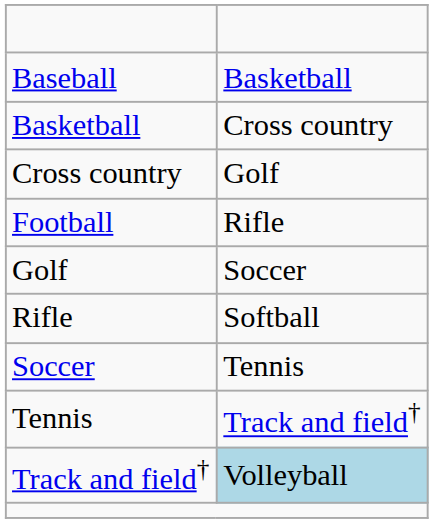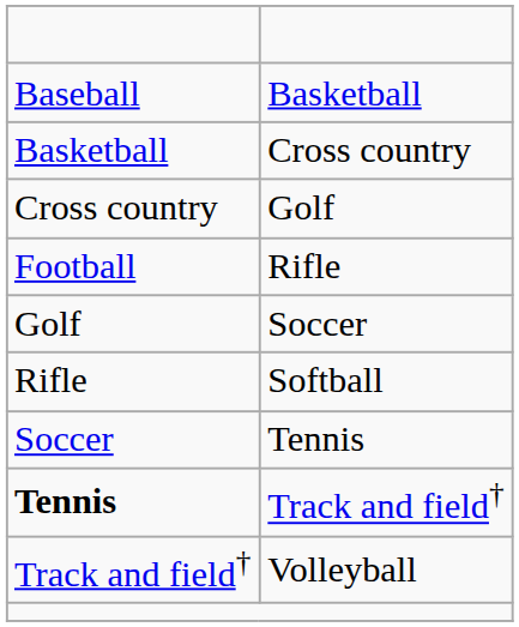 <table class="wikitable" style="float:right; clear:right; margin:0 0 1em 1em;">
 <tr>
 <td><br></td>
 </tr>
 <tr>
 <td><a href='#'>Baseball</a></td>
 <td><a href='#'>Basketball</a></td>
 </tr>
 <tr>
 <td><a href='#'>Basketball</a></td>
 <td>Cross country</td>
 </tr>
 <tr>
 <td>Cross country</td>
 <td>Golf</td>
 </tr>
 <tr>
 <td><a href='#'>Football</a></td>
 <td>Rifle</td>
 </tr>
 <tr>
 <td>Golf</td>
 <td>Soccer</td>
 </tr>
 <tr>
 <td>Rifle</td>
 <td>Softball</td>
 </tr>
 <tr>
 <td><a href='#'>Soccer</a></td>
 <td>Tennis</td>
 </tr>
 <tr>
-<td>Tennis</td>
+<td><strong>Tennis</strong></td>
 <td><a href='#'>Track and field</a><sup>†</sup></td>
 </tr>
 <tr>
 <td><a href='#'>Track and field</a><sup>†</sup></td>
-<td style="background: lightblue;">Volleyball</td>
+<td>Volleyball</td>
 </tr>
 <tr>
 <td colspan="2"></td>
 </tr>
 </table>
